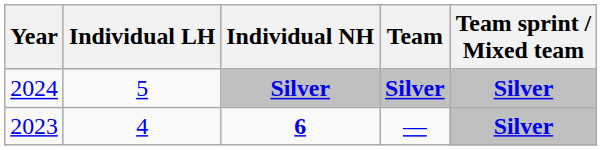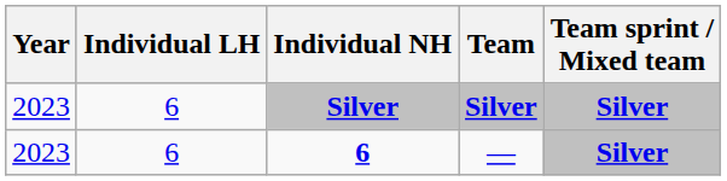 <table class="wikitable" "text-align:center;">
 <tr>
 <th>Year</th>
 <th>Individual LH</th>
 <th>Individual NH</th>
 <th>Team</th>
 <th>Team sprint /<br>Mixed team</th>
 </tr>
 <tr align=center>
-<td><a href='#'>2024</a></td>
-<td><a href='#'>5</a></td>
+<td><a href='#'>2023</a></td>
+<td><a href='#'>6</a></td>
 <td style="background:silver;"><a href='#'><strong>Silver</strong></a></td>
 <td bgcolor=silver><a href='#'><strong>Silver</strong></a></td>
 <td bgcolor=silver><a href='#'><strong>Silver</strong></a></td>
 </tr>
 <tr align=center>
 <td><a href='#'>2023</a></td>
-<td><a href='#'>4</a></td>
+<td><a href='#'>6</a></td>
 <td><strong><a href='#'>6</a></strong></td>
 <td><a href='#'>—</a></td>
 <td bgcolor=silver><a href='#'><strong>Silver</strong></a></td>
 </tr>
 </table>
